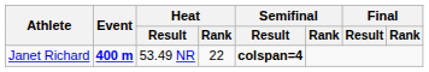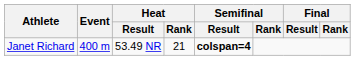 <table class="wikitable" style="font-size:90%">
 <tr>
 <th rowspan="2">Athlete</th>
 <th rowspan="2">Event</th>
 <th colspan="2">Heat</th>
 <th colspan="2">Semifinal</th>
 <th colspan="2">Final</th>
 </tr>
 <tr style="font-size:95%">
 <th>Result</th>
 <th>Rank</th>
 <th>Result</th>
 <th>Rank</th>
 <th>Result</th>
 <th>Rank</th>
 </tr>
 <tr align=center>
 <td align=left><a href='#'>Janet Richard</a></td>
-<td align=left><strong><a href='#'>400 m</a></strong></td>
+<td align=left><a href='#'>400 m</a></td>
 <td>53.49 <a href='#'>NR</a></td>
-<td>22</td>
+<td>21</td>
 <td><strong>colspan=4 </strong></td>
 </tr>
 </table>
